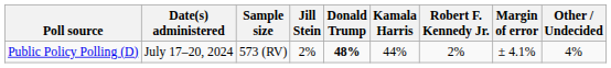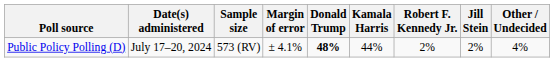 <table class="wikitable sortable mw-datatable" style="font-size:90%;text-align:center;line-height:17px">
 <tr valign=bottom>
 <th>Poll source</th>
 <th>Date(s)<br>administered</th>
 <th>Sample<br>size</th>
-<th class="unsortable">Jill<br>Stein<br></th>
+<th>Margin<br>of error</th>
 <th class="unsortable">Donald<br>Trump<br></th>
 <th class="unsortable">Kamala<br>Harris<br></th>
 <th class="unsortable">Robert F.<br>Kennedy Jr.<br></th>
-<th>Margin<br>of error</th>
+<th class="unsortable">Jill<br>Stein<br></th>
 <th class="unsortable">Other /<br>Undecided</th>
 </tr>
 <tr>
 <td style="text-align:left;"><a href='#'>Public Policy Polling (D)</a></td>
 <td data-sort-value="2024-07-21">July 17–20, 2024</td>
 <td>573 (RV)</td>
-<td>2%</td>
+<td>± 4.1%</td>
 <td style="background-color:"><strong>48%</strong></td>
 <td>44%</td>
 <td>2%</td>
-<td>± 4.1%</td>
+<td>2%</td>
 <td>4%</td>
 </tr>
 </table>
